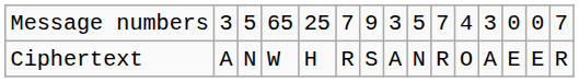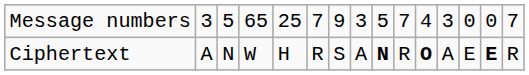 <table class="wikitable">
 <tr>
 <td>Message numbers</td>
 <td>3</td>
 <td>5</td>
 <td>65</td>
 <td>25</td>
 <td>7</td>
 <td>9</td>
 <td>3</td>
 <td>5</td>
 <td>7</td>
 <td>4</td>
 <td>3</td>
 <td>0</td>
 <td>0</td>
 <td>7</td>
 </tr>
 <tr>
 <td>Ciphertext</td>
 <td>A</td>
 <td>N</td>
 <td>W</td>
 <td>H</td>
 <td>R</td>
 <td>S</td>
 <td>A</td>
-<td>N</td>
+<td><strong>N</strong></td>
 <td>R</td>
-<td>O</td>
+<td><strong>O</strong></td>
 <td>A</td>
 <td>E</td>
-<td>E</td>
+<td><strong>E</strong></td>
 <td>R</td>
 </tr>
 </table>
